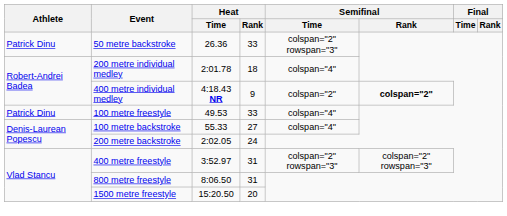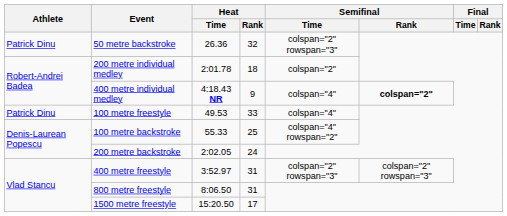 <table class="wikitable" style="text-align:center; font-size:90%; width:50%;">
 <tr>
 <th rowspan="2">Athlete</th>
 <th rowspan="2">Event</th>
 <th colspan="2">Heat</th>
 <th colspan="2">Semifinal</th>
 <th colspan="2">Final</th>
 </tr>
 <tr style="font-size:95%">
 <th>Time</th>
 <th>Rank</th>
 <th>Time</th>
 <th>Rank</th>
 <th>Time</th>
 <th>Rank</th>
 </tr>
 <tr align=center>
 <td align=left><a href='#'>Patrick Dinu</a></td>
 <td align=left><a href='#'>50 metre backstroke</a></td>
 <td>26.36</td>
-<td>33</td>
+<td>32</td>
 <td>colspan="2" rowspan="3"</td>
 </tr>
 <tr align=center>
 <td align=left rowspan="2"><a href='#'>Robert-Andrei Badea</a></td>
 <td align=left><a href='#'>200 metre individual medley</a></td>
 <td>2:01.78</td>
 <td>18</td>
-<td>colspan="4" </td>
+<td>colspan="2" </td>
 </tr>
 <tr align=center>
 <td align=left><a href='#'>400 metre individual medley</a></td>
 <td>4:18.43 <strong><a href='#'>NR</a></strong></td>
 <td>9</td>
-<td>colspan="2" </td>
+<td>colspan="4" </td>
 <td><strong>colspan="2" </strong></td>
 </tr>
 <tr align=center>
 <td align=left><a href='#'>Patrick Dinu</a></td>
 <td align=left><a href='#'>100 metre freestyle</a></td>
 <td>49.53</td>
 <td>33</td>
 <td>colspan="4" </td>
 </tr>
 <tr align=center>
 <td align=left rowspan="2"><a href='#'>Denis-Laurean Popescu</a></td>
 <td align=left><a href='#'>100 metre backstroke</a></td>
 <td>55.33</td>
-<td>27</td>
-<td>colspan="4" </td>
+<td>25</td>
+<td>colspan="4" rowspan="2"</td>
 </tr>
 <tr align=center>
 <td align=left><a href='#'>200 metre backstroke</a></td>
 <td>2:02.05</td>
 <td>24</td>
 </tr>
 <tr align=center>
 <td align=left rowspan="3"><a href='#'>Vlad Stancu</a></td>
 <td align=left><a href='#'>400 metre freestyle</a></td>
 <td>3:52.97</td>
 <td>31</td>
 <td>colspan="2" rowspan="3"</td>
 <td>colspan="2" rowspan="3"</td>
 </tr>
 <tr align=center>
 <td align=left><a href='#'>800 metre freestyle</a></td>
 <td>8:06.50</td>
 <td>31</td>
 </tr>
 <tr align=center>
 <td align=left><a href='#'>1500 metre freestyle</a></td>
 <td>15:20.50</td>
-<td>20</td>
+<td>17</td>
 </tr>
 </table>
